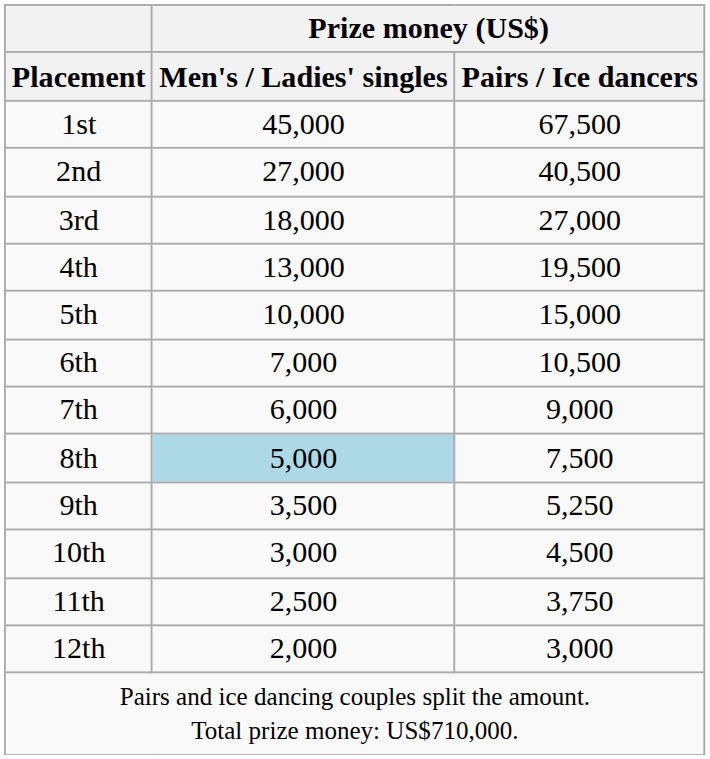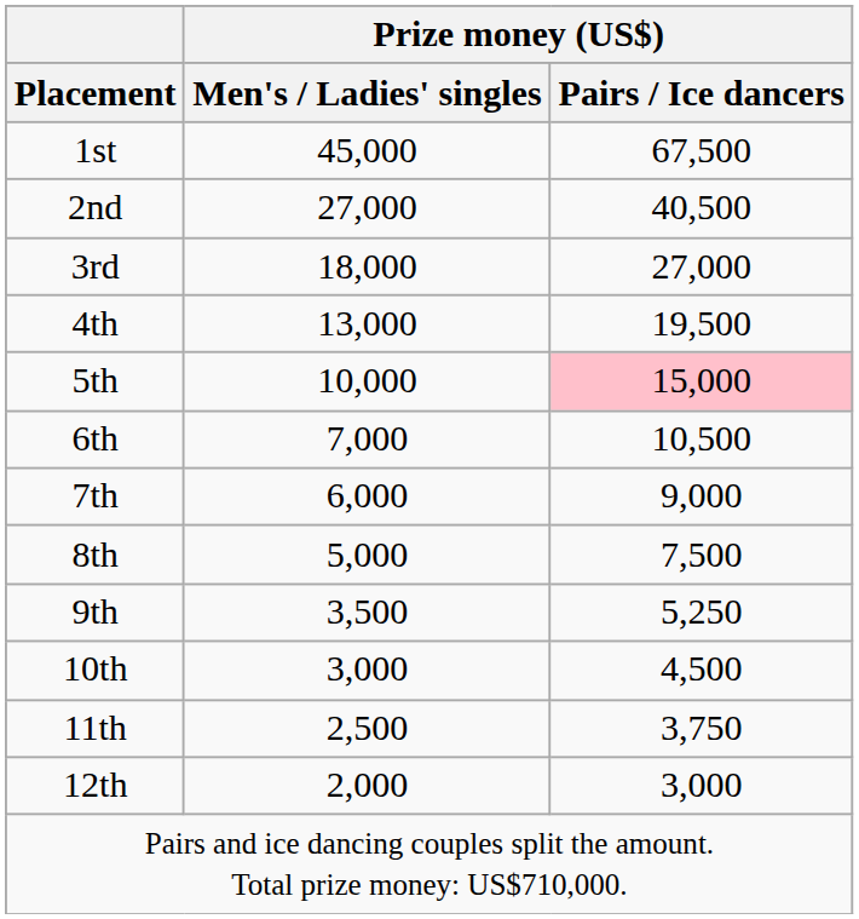 <table class="wikitable" style="text-align:center">
 <tr>
 <th></th>
 <th colspan=2>Prize money (US$)</th>
 </tr>
 <tr>
 <th>Placement</th>
 <th>Men's / Ladies' singles</th>
 <th>Pairs / Ice dancers</th>
 </tr>
 <tr>
 <td>1st</td>
 <td>45,000</td>
 <td>67,500</td>
 </tr>
 <tr>
 <td>2nd</td>
 <td>27,000</td>
 <td>40,500</td>
 </tr>
 <tr>
 <td>3rd</td>
 <td>18,000</td>
 <td>27,000</td>
 </tr>
 <tr>
 <td>4th</td>
 <td>13,000</td>
 <td>19,500</td>
 </tr>
 <tr>
 <td>5th</td>
 <td>10,000</td>
-<td>15,000</td>
+<td style="background: pink;">15,000</td>
 </tr>
 <tr>
 <td>6th</td>
 <td>7,000</td>
 <td>10,500</td>
 </tr>
 <tr>
 <td>7th</td>
 <td>6,000</td>
 <td>9,000</td>
 </tr>
 <tr>
 <td>8th</td>
-<td style="background: lightblue;">5,000</td>
+<td>5,000</td>
 <td>7,500</td>
 </tr>
 <tr>
 <td>9th</td>
 <td>3,500</td>
 <td>5,250</td>
 </tr>
 <tr>
 <td>10th</td>
 <td>3,000</td>
 <td>4,500</td>
 </tr>
 <tr>
 <td>11th</td>
 <td>2,500</td>
 <td>3,750</td>
 </tr>
 <tr>
 <td>12th</td>
 <td>2,000</td>
 <td>3,000</td>
 </tr>
 <tr>
 <td colspan=3 align=center><small> Pairs and ice dancing couples split the amount. <br> Total prize money: US$710,000. </small></td>
 </tr>
 </table>
